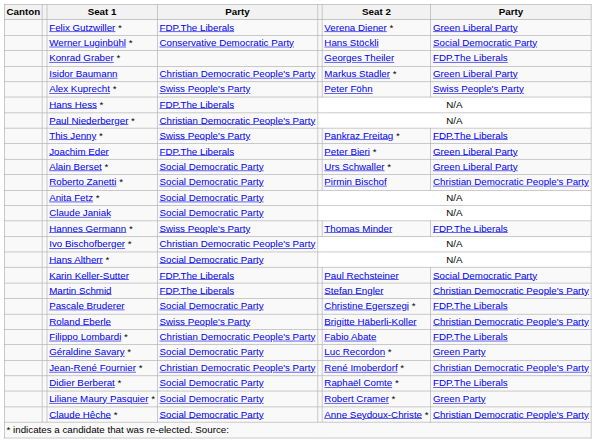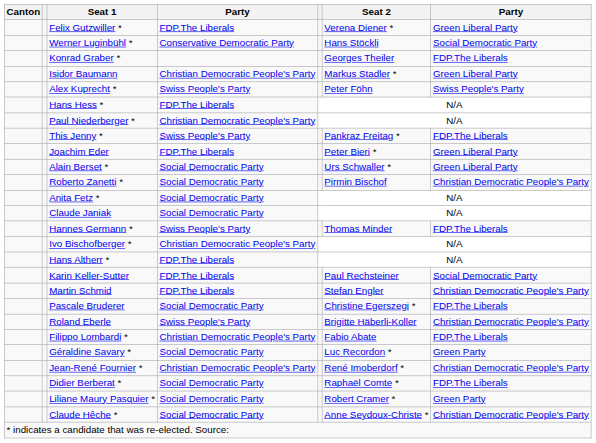 <table class="wikitable sortable">
 <tr>
 <th>Canton</th>
 <th class="unsortable"></th>
 <th>Seat 1</th>
 <th>Party</th>
 <th class="unsortable"></th>
 <th>Seat 2</th>
 <th>Party</th>
 </tr>
 <tr>
 <td></td>
 <td style="color:inherit;background-color:"></td>
 <td><a href='#'>Felix Gutzwiller</a> *</td>
 <td><a href='#'>FDP.The Liberals</a></td>
 <td style="color:inherit;background-color:"></td>
 <td><a href='#'>Verena Diener</a> *</td>
 <td><a href='#'>Green Liberal Party</a></td>
 </tr>
 <tr>
 <td></td>
 <td style="color:inherit;background-color:"></td>
 <td><a href='#'>Werner Luginbühl</a> *</td>
 <td><a href='#'>Conservative Democratic Party</a></td>
 <td style="color:inherit;background-color:"></td>
 <td><a href='#'>Hans Stöckli</a></td>
 <td><a href='#'>Social Democratic Party</a></td>
 </tr>
 <tr>
 <td></td>
 <td style="color:inherit;background-color:"></td>
 <td><a href='#'>Konrad Graber</a> *</td>
 <td></td>
 <td style="color:inherit;background-color:"></td>
 <td><a href='#'>Georges Theiler</a></td>
 <td><a href='#'>FDP.The Liberals</a></td>
 </tr>
 <tr>
 <td></td>
 <td style="color:inherit;background-color:"></td>
 <td><a href='#'>Isidor Baumann</a></td>
 <td><a href='#'>Christian Democratic People's Party</a></td>
 <td style="color:inherit;background-color:"></td>
 <td><a href='#'>Markus Stadler</a> *</td>
 <td><a href='#'>Green Liberal Party</a></td>
 </tr>
 <tr>
 <td></td>
 <td style="color:inherit;background-color:"></td>
 <td><a href='#'>Alex Kuprecht</a> *</td>
 <td><a href='#'>Swiss People's Party</a></td>
 <td style="color:inherit;background-color:"></td>
 <td><a href='#'>Peter Föhn</a></td>
 <td><a href='#'>Swiss People's Party</a></td>
 </tr>
 <tr>
 <td></td>
 <td style="color:inherit;background-color:"></td>
 <td><a href='#'>Hans Hess</a> *</td>
 <td><a href='#'>FDP.The Liberals</a></td>
 <td colspan=3 style="background-color:white;text-align:center;">N/A</td>
 </tr>
 <tr>
 <td></td>
 <td style="color:inherit;background-color:"></td>
 <td><a href='#'>Paul Niederberger</a> *</td>
 <td><a href='#'>Christian Democratic People's Party</a></td>
 <td colspan=3 style="background-color:white;text-align:center;">N/A</td>
 </tr>
 <tr>
 <td></td>
 <td style="color:inherit;background-color:"></td>
 <td><a href='#'>This Jenny</a> *</td>
 <td><a href='#'>Swiss People's Party</a></td>
 <td style="color:inherit;background-color:"></td>
 <td><a href='#'>Pankraz Freitag</a> *</td>
 <td><a href='#'>FDP.The Liberals</a></td>
 </tr>
 <tr>
 <td></td>
 <td style="color:inherit;background-color:"></td>
 <td><a href='#'>Joachim Eder</a></td>
 <td><a href='#'>FDP.The Liberals</a></td>
 <td style="color:inherit;background-color:"></td>
 <td><a href='#'>Peter Bieri</a> *</td>
 <td><a href='#'>Green Liberal Party</a></td>
 </tr>
 <tr>
 <td></td>
 <td style="color:inherit;background-color:"></td>
 <td><a href='#'>Alain Berset</a> *</td>
 <td><a href='#'>Social Democratic Party</a></td>
 <td style="color:inherit;background-color:"></td>
 <td><a href='#'>Urs Schwaller</a> *</td>
 <td><a href='#'>Green Liberal Party</a></td>
 </tr>
 <tr>
 <td></td>
 <td style="color:inherit;background-color:"></td>
 <td><a href='#'>Roberto Zanetti</a> *</td>
 <td><a href='#'>Social Democratic Party</a></td>
 <td style="color:inherit;background-color:"></td>
 <td><a href='#'>Pirmin Bischof</a></td>
 <td><a href='#'>Christian Democratic People's Party</a></td>
 </tr>
 <tr>
 <td></td>
 <td style="color:inherit;background-color:"></td>
 <td><a href='#'>Anita Fetz</a> *</td>
 <td><a href='#'>Social Democratic Party</a></td>
 <td colspan=3 style="background-color:white;text-align:center;">N/A</td>
 </tr>
 <tr>
 <td></td>
 <td style="color:inherit;background-color:"></td>
 <td><a href='#'>Claude Janiak</a></td>
 <td><a href='#'>Social Democratic Party</a></td>
 <td colspan=3 style="background-color:white;text-align:center;">N/A</td>
 </tr>
 <tr>
 <td></td>
 <td style="color:inherit;background-color:"></td>
 <td><a href='#'>Hannes Germann</a> *</td>
 <td><a href='#'>Swiss People's Party</a></td>
 <td style="color:inherit;background-color:"></td>
 <td><a href='#'>Thomas Minder</a></td>
 <td><a href='#'>FDP.The Liberals</a></td>
 </tr>
 <tr>
 <td></td>
 <td style="color:inherit;background-color:"></td>
 <td><a href='#'>Ivo Bischofberger</a> *</td>
 <td><a href='#'>Christian Democratic People's Party</a></td>
 <td colspan=3 style="background-color:white;text-align:center;">N/A</td>
 </tr>
 <tr>
 <td></td>
 <td style="color:inherit;background-color:"></td>
 <td><a href='#'>Hans Altherr</a> *</td>
-<td><a href='#'>Social Democratic Party</a></td>
+<td><a href='#'>FDP.The Liberals</a></td>
 <td colspan=3 style="background-color:white;text-align:center;">N/A</td>
 </tr>
 <tr>
 <td></td>
 <td style="color:inherit;background-color:"></td>
 <td><a href='#'>Karin Keller-Sutter</a></td>
 <td><a href='#'>FDP.The Liberals</a></td>
 <td style="color:inherit;background-color:"></td>
 <td><a href='#'>Paul Rechsteiner</a></td>
 <td><a href='#'>Social Democratic Party</a></td>
 </tr>
 <tr>
 <td></td>
 <td style="color:inherit;background-color:"></td>
 <td><a href='#'>Martin Schmid</a></td>
 <td><a href='#'>FDP.The Liberals</a></td>
 <td style="color:inherit;background-color:"></td>
 <td><a href='#'>Stefan Engler</a></td>
 <td><a href='#'>Christian Democratic People's Party</a></td>
 </tr>
 <tr>
 <td></td>
 <td style="color:inherit;background-color:"></td>
 <td><a href='#'>Pascale Bruderer</a></td>
 <td><a href='#'>Social Democratic Party</a></td>
 <td style="color:inherit;background-color:"></td>
 <td><a href='#'>Christine Egerszegi</a> *</td>
 <td><a href='#'>FDP.The Liberals</a></td>
 </tr>
 <tr>
 <td></td>
 <td style="color:inherit;background-color:"></td>
 <td><a href='#'>Roland Eberle</a></td>
 <td><a href='#'>Swiss People's Party</a></td>
 <td style="color:inherit;background-color:"></td>
 <td><a href='#'>Brigitte Häberli-Koller</a></td>
 <td><a href='#'>Christian Democratic People's Party</a></td>
 </tr>
 <tr>
 <td></td>
 <td style="color:inherit;background-color:"></td>
 <td><a href='#'>Filippo Lombardi</a> *</td>
 <td><a href='#'>Christian Democratic People's Party</a></td>
 <td style="color:inherit;background-color:"></td>
 <td><a href='#'>Fabio Abate</a></td>
 <td><a href='#'>FDP.The Liberals</a></td>
 </tr>
 <tr>
 <td></td>
 <td style="color:inherit;background-color:"></td>
 <td><a href='#'>Géraldine Savary</a> *</td>
 <td><a href='#'>Social Democratic Party</a></td>
 <td style="color:inherit;background-color:"></td>
 <td><a href='#'>Luc Recordon</a> *</td>
 <td><a href='#'>Green Party</a></td>
 </tr>
 <tr>
 <td></td>
 <td style="color:inherit;background-color:"></td>
 <td><a href='#'>Jean-René Fournier</a> *</td>
 <td><a href='#'>Christian Democratic People's Party</a></td>
 <td style="color:inherit;background-color:"></td>
 <td><a href='#'>René Imoberdorf</a> *</td>
 <td><a href='#'>Christian Democratic People's Party</a></td>
 </tr>
 <tr>
 <td></td>
 <td style="color:inherit;background-color:"></td>
 <td><a href='#'>Didier Berberat</a> *</td>
 <td><a href='#'>Social Democratic Party</a></td>
 <td style="color:inherit;background-color:"></td>
 <td><a href='#'>Raphaël Comte</a> *</td>
 <td><a href='#'>FDP.The Liberals</a></td>
 </tr>
 <tr>
 <td></td>
 <td style="color:inherit;background-color:"></td>
 <td><a href='#'>Liliane Maury Pasquier</a> *</td>
 <td><a href='#'>Social Democratic Party</a></td>
 <td style="color:inherit;background-color:"></td>
 <td><a href='#'>Robert Cramer</a> *</td>
 <td><a href='#'>Green Party</a></td>
 </tr>
 <tr>
 <td></td>
 <td style="color:inherit;background-color:"></td>
 <td><a href='#'>Claude Hêche</a> *</td>
 <td><a href='#'>Social Democratic Party</a></td>
 <td style="color:inherit;background-color:"></td>
 <td><a href='#'>Anne Seydoux-Christe</a> *</td>
 <td><a href='#'>Christian Democratic People's Party</a></td>
 </tr>
 <tr>
 <td colspan=7>* indicates a candidate that was re-elected. Source: </td>
 </tr>
 </table>
